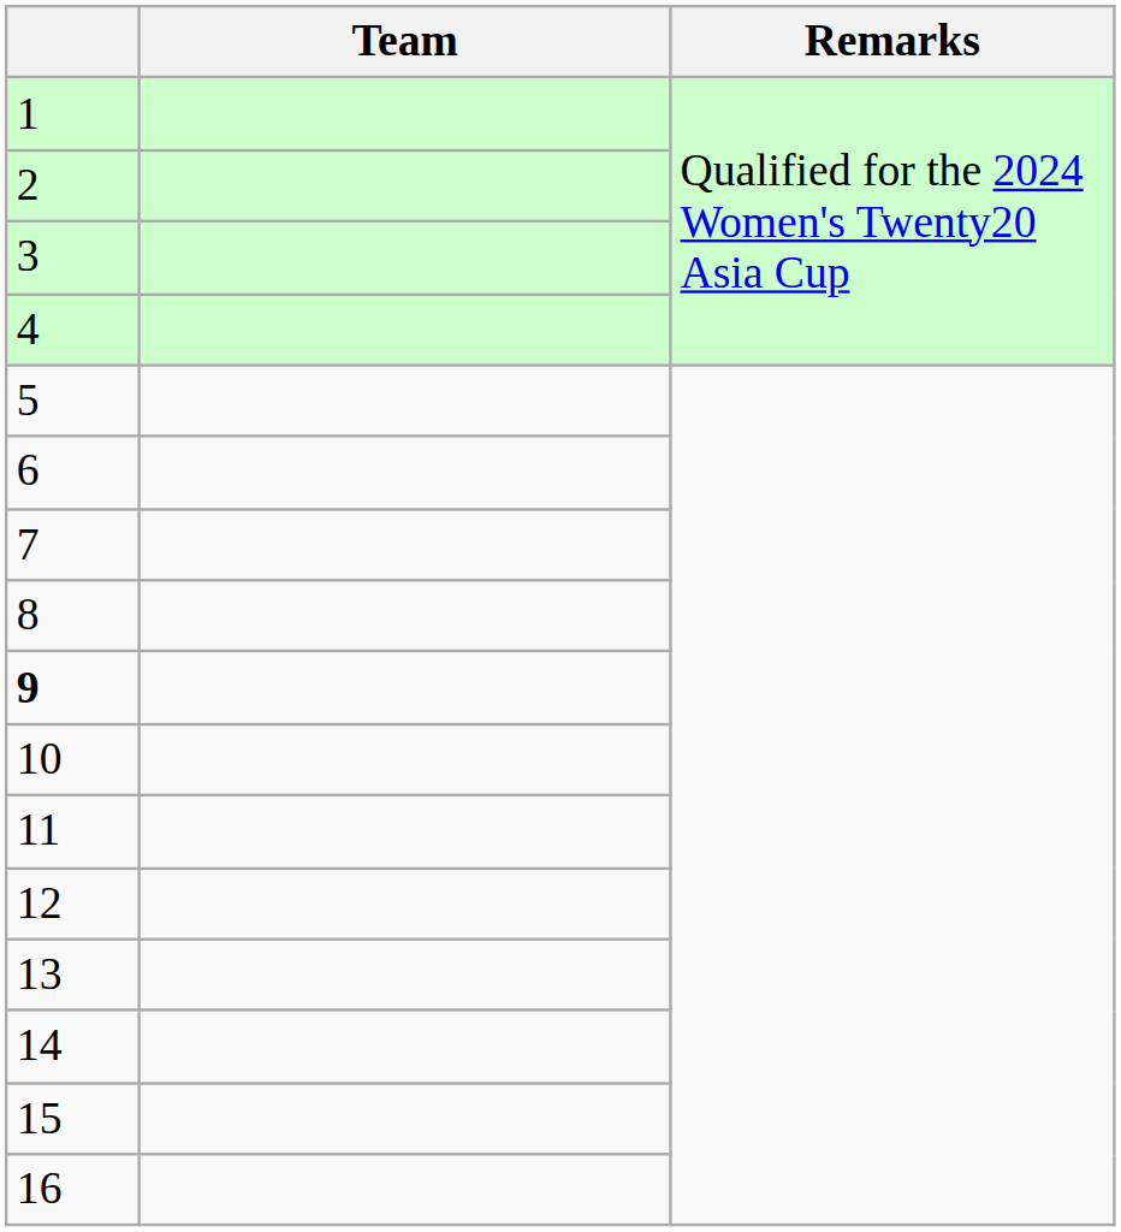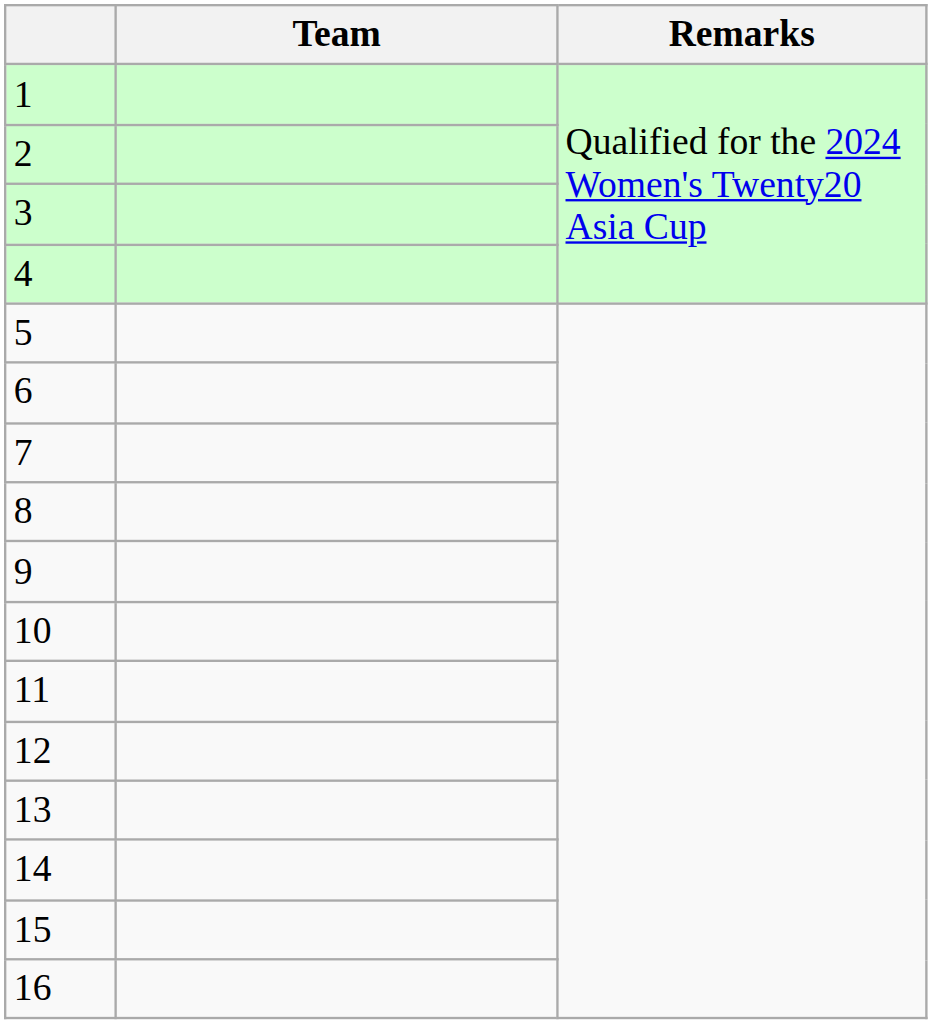 <table class="wikitable sortable">
 <tr>
 <th width=40></th>
 <th width=180>Team</th>
 <th width=150>Remarks</th>
 </tr>
 <tr style="background:#cfc">
 <td>1</td>
 <td></td>
 <td rowspan="4">Qualified for the <a href='#'>2024 Women's Twenty20 Asia Cup</a></td>
 </tr>
 <tr style="background:#cfc">
 <td>2</td>
 <td></td>
 </tr>
 <tr style="background:#cfc">
 <td>3</td>
 <td></td>
 </tr>
 <tr style="background:#cfc">
 <td>4</td>
 <td></td>
 </tr>
 <tr>
 <td>5</td>
 <td></td>
 <td rowspan="12"></td>
 </tr>
 <tr>
 <td>6</td>
 <td></td>
 </tr>
 <tr>
 <td>7</td>
 <td></td>
 </tr>
 <tr>
 <td>8</td>
 <td></td>
 </tr>
 <tr>
-<td><strong>9</strong></td>
+<td>9</td>
 <td></td>
 </tr>
 <tr>
 <td>10</td>
 <td></td>
 </tr>
 <tr>
 <td>11</td>
 <td></td>
 </tr>
 <tr>
 <td>12</td>
 <td></td>
 </tr>
 <tr>
 <td>13</td>
 <td></td>
 </tr>
 <tr>
 <td>14</td>
 <td></td>
 </tr>
 <tr>
 <td>15</td>
 <td></td>
 </tr>
 <tr>
 <td>16</td>
 <td></td>
 </tr>
 </table>
